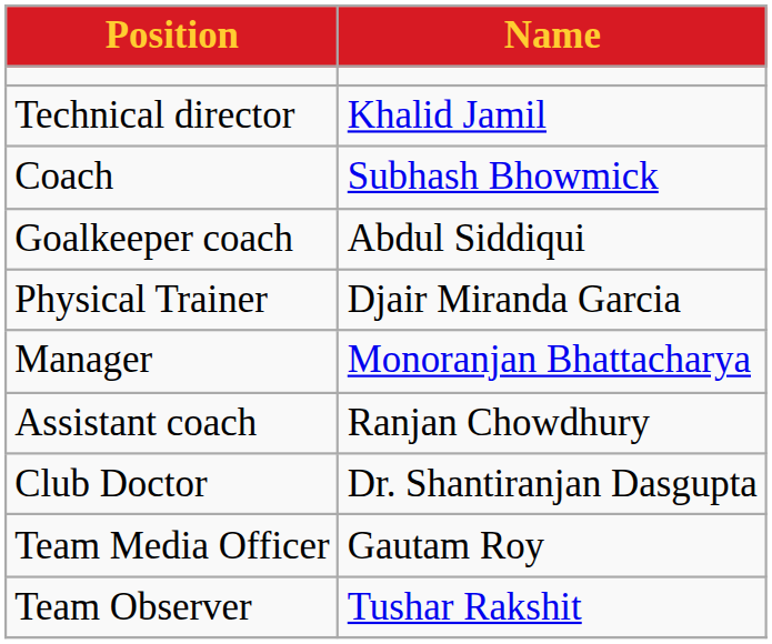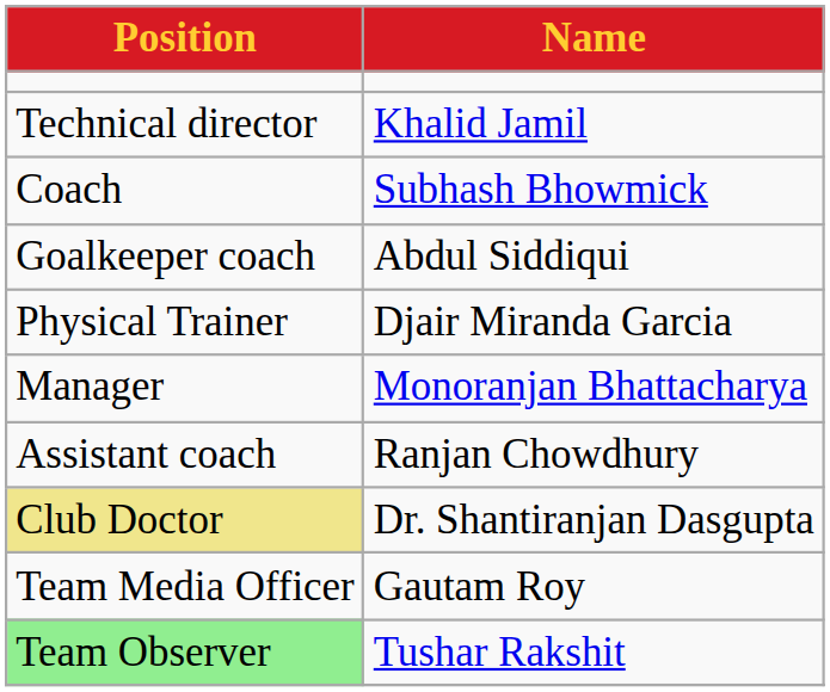 <table class="wikitable">
 <tr>
 <th style="background:#d71a23; color:#ffcd31; text-align:center;">Position</th>
 <th style="background:#d71a23; color:#ffcd31; text-align:center;">Name</th>
 </tr>
 <tr>
 <td></td>
 </tr>
 <tr>
 <td>Technical director</td>
 <td> <a href='#'>Khalid Jamil</a></td>
 </tr>
 <tr>
 <td>Coach</td>
 <td> <a href='#'>Subhash Bhowmick</a></td>
 </tr>
 <tr>
 <td>Goalkeeper coach</td>
 <td> Abdul Siddiqui</td>
 </tr>
 <tr>
 <td>Physical Trainer</td>
 <td> Djair Miranda Garcia</td>
 </tr>
 <tr>
 <td>Manager</td>
 <td> <a href='#'>Monoranjan Bhattacharya</a></td>
 </tr>
 <tr>
 <td>Assistant coach</td>
 <td> Ranjan Chowdhury</td>
 </tr>
 <tr>
-<td>Club Doctor</td>
+<td style="background: khaki;">Club Doctor</td>
 <td> Dr. Shantiranjan Dasgupta</td>
 </tr>
 <tr>
 <td>Team Media Officer</td>
 <td> Gautam Roy</td>
 </tr>
 <tr>
-<td>Team Observer</td>
+<td style="background: lightgreen;">Team Observer</td>
 <td> <a href='#'>Tushar Rakshit</a></td>
 </tr>
 <tr>
 </tr>
 </table>
